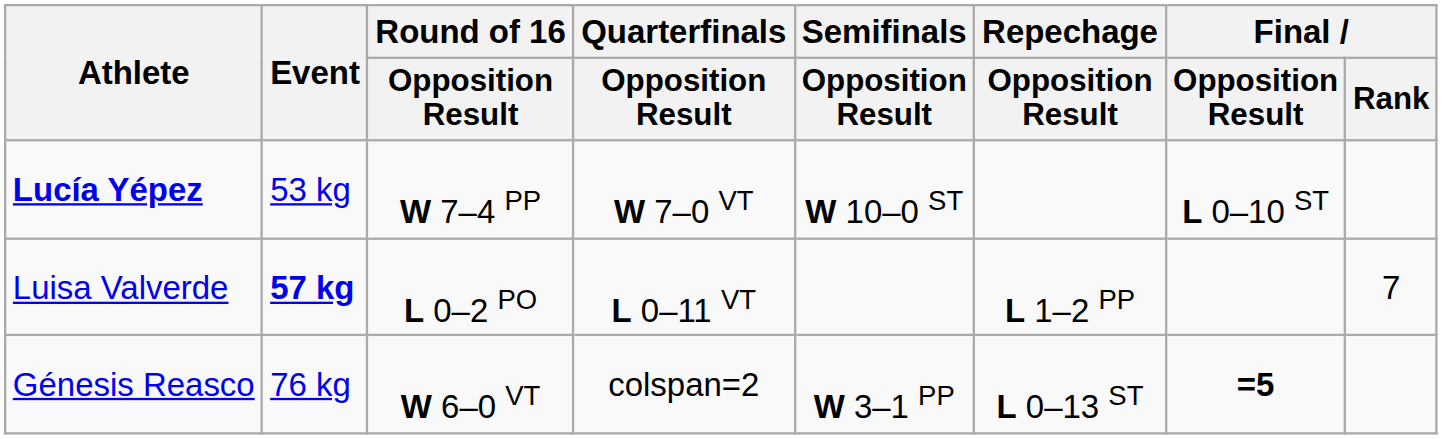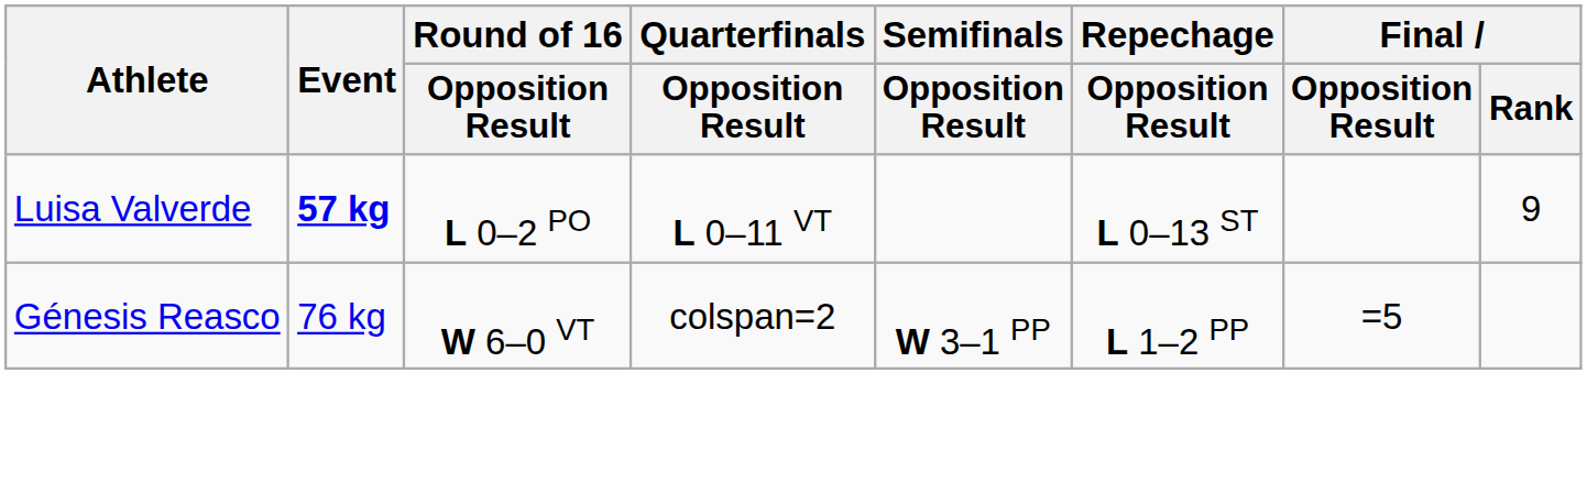 <table class="wikitable" style="font-size:90%">
 <tr>
 <th rowspan=2>Athlete</th>
 <th rowspan=2>Event</th>
 <th>Round of 16</th>
 <th>Quarterfinals</th>
 <th>Semifinals</th>
 <th>Repechage</th>
 <th colspan=2>Final / </th>
 </tr>
 <tr style="font-size: 95%">
 <th>Opposition<br>Result</th>
 <th>Opposition<br>Result</th>
 <th>Opposition<br>Result</th>
 <th>Opposition<br>Result</th>
 <th>Opposition<br>Result</th>
 <th>Rank</th>
 </tr>
 <tr align=center>
-<td align=left><strong><a href='#'>Lucía Yépez</a></strong></td>
-<td align=left><a href='#'>53 kg</a></td>
-<td><br><strong>W</strong> 7–4 <sup>PP</sup></td>
-<td><br><strong>W</strong> 7–0 <sup>VT</sup></td>
-<td><br><strong>W</strong> 10–0 <sup>ST</sup></td>
-<td></td>
-<td><br><strong>L</strong> 0–10 <sup>ST</sup></td>
-<td></td>
-</tr>
-<tr align=center>
 <td align=left><a href='#'>Luisa Valverde</a></td>
 <td align=left><strong><a href='#'>57 kg</a></strong></td>
 <td><br><strong>L</strong> 0–2 <sup>PO</sup></td>
 <td><br><strong>L</strong> 0–11 <sup>VT</sup></td>
 <td></td>
-<td><br><strong>L</strong> 1–2 <sup>PP</sup></td>
+<td><br><strong>L</strong> 0–13 <sup>ST</sup></td>
 <td></td>
-<td>7</td>
+<td>9</td>
 </tr>
 <tr align=center>
 <td align=left><a href='#'>Génesis Reasco</a></td>
 <td align=left><a href='#'>76 kg</a></td>
 <td><br><strong>W</strong> 6–0 <sup>VT</sup></td>
 <td>colspan=2 </td>
 <td><br><strong>W</strong> 3–1 <sup>PP</sup></td>
-<td><br><strong>L</strong> 0–13 <sup>ST</sup></td>
-<td><strong>=5</strong></td>
+<td><br><strong>L</strong> 1–2 <sup>PP</sup></td>
+<td>=5</td>
 </tr>
 </table>
